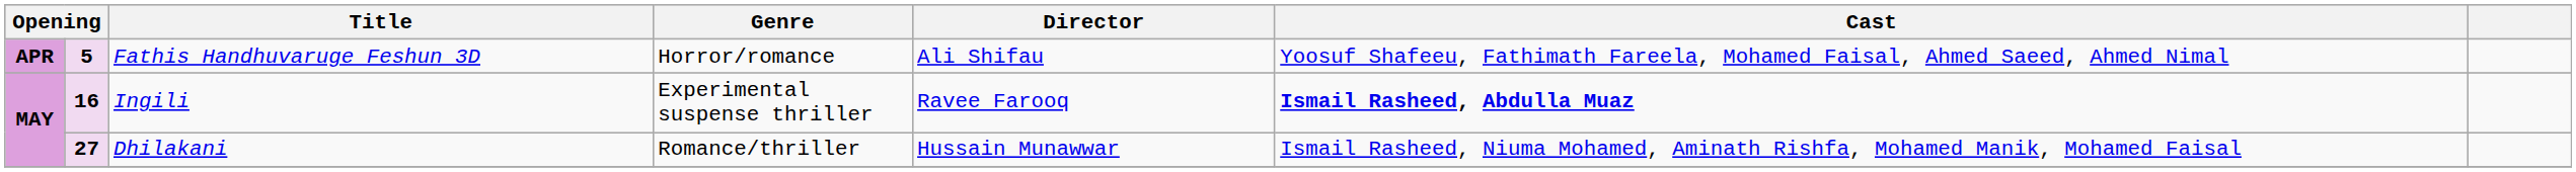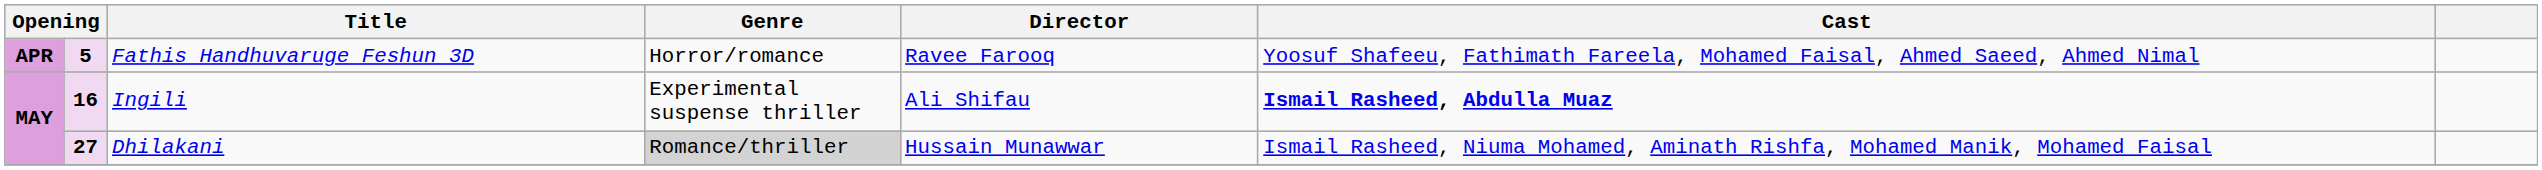 <table class="wikitable plainrowheaders" width="100%">
 <tr>
 <th scope="col" colspan="2" width="4%">Opening</th>
 <th scope="col" width="21%">Title</th>
 <th scope="col" width="10%">Genre</th>
 <th scope="col" width="14%">Director</th>
 <th scope="col" width="46%">Cast</th>
 <th scope="col" width="4%"></th>
 </tr>
 <tr>
 <td style="text-align:center; background:plum; textcolor:#000;"><strong>APR</strong></td>
 <td style="text-align:center; background:#f1daf1;"><strong>5</strong></td>
 <td><em><a href='#'>Fathis Handhuvaruge Feshun 3D</a></em></td>
 <td>Horror/romance</td>
-<td><a href='#'>Ali Shifau</a></td>
+<td><a href='#'>Ravee Farooq</a></td>
 <td><a href='#'>Yoosuf Shafeeu</a>, <a href='#'>Fathimath Fareela</a>, <a href='#'>Mohamed Faisal</a>, <a href='#'>Ahmed Saeed</a>, <a href='#'>Ahmed Nimal</a></td>
 <td style="text-align:center;"></td>
 </tr>
 <tr>
 <td style="text-align:center; background:plum; textcolor:#000;" rowspan="2"><strong>MAY</strong></td>
 <td style="text-align:center; background:#f1daf1;"><strong>16</strong></td>
 <td><em><a href='#'>Ingili</a></em></td>
 <td>Experimental suspense thriller</td>
-<td><a href='#'>Ravee Farooq</a></td>
+<td><a href='#'>Ali Shifau</a></td>
 <td><strong><a href='#'>Ismail Rasheed</a>, <a href='#'>Abdulla Muaz</a></strong></td>
 <td style="text-align:center;"></td>
 </tr>
 <tr>
 <td style="text-align:center; background:#f1daf1;"><strong>27</strong></td>
 <td><em><a href='#'>Dhilakani</a></em></td>
-<td>Romance/thriller</td>
+<td style="background: lightgrey;">Romance/thriller</td>
 <td><a href='#'>Hussain Munawwar</a></td>
 <td><a href='#'>Ismail Rasheed</a>, <a href='#'>Niuma Mohamed</a>, <a href='#'>Aminath Rishfa</a>, <a href='#'>Mohamed Manik</a>, <a href='#'>Mohamed Faisal</a></td>
 <td style="text-align:center;"></td>
 </tr>
 <tr>
 </tr>
 </table>
